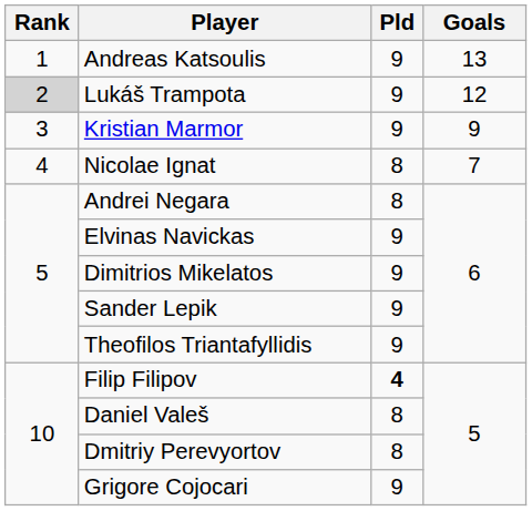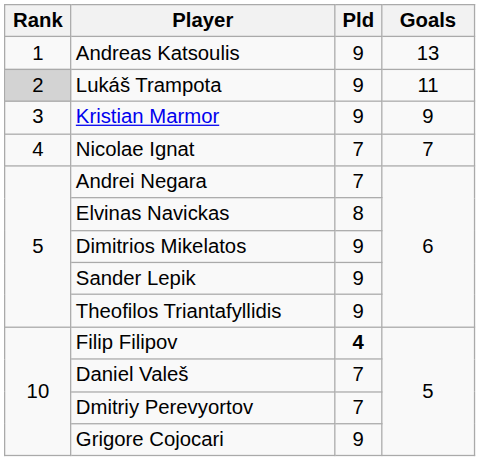 <table class="wikitable" style="text-align:center">
 <tr>
 <th width=45>Rank</th>
 <th width=200>Player</th>
 <th width=30>Pld</th>
 <th width=65>Goals</th>
 </tr>
 <tr>
 <td>1</td>
 <td style="text-align:left"> Andreas Katsoulis</td>
 <td>9</td>
 <td>13</td>
 </tr>
 <tr>
 <td style="background: lightgrey;">2</td>
 <td style="text-align:left"> Lukáš Trampota</td>
 <td>9</td>
-<td>12</td>
+<td>11</td>
 </tr>
 <tr>
 <td>3</td>
 <td style="text-align:left"> <a href='#'>Kristian Marmor</a></td>
 <td>9</td>
 <td>9</td>
 </tr>
 <tr>
 <td>4</td>
 <td style="text-align:left"> Nicolae Ignat</td>
-<td>8</td>
+<td>7</td>
 <td>7</td>
 </tr>
 <tr>
 <td rowspan=5>5</td>
 <td style="text-align:left"> Andrei Negara</td>
-<td>8</td>
+<td>7</td>
 <td rowspan=5>6</td>
 </tr>
 <tr>
 <td style="text-align:left"> Elvinas Navickas</td>
-<td>9</td>
+<td>8</td>
 </tr>
 <tr>
 <td style="text-align:left"> Dimitrios Mikelatos</td>
 <td>9</td>
 </tr>
 <tr>
 <td style="text-align:left"> Sander Lepik</td>
 <td>9</td>
 </tr>
 <tr>
 <td style="text-align:left"> Theofilos Triantafyllidis</td>
 <td>9</td>
 </tr>
 <tr>
 <td rowspan=4>10</td>
 <td style="text-align:left"> Filip Filipov</td>
 <td><strong>4</strong></td>
 <td rowspan=4>5</td>
 </tr>
 <tr>
 <td style="text-align:left"> Daniel Valeš</td>
-<td>8</td>
+<td>7</td>
 </tr>
 <tr>
 <td style="text-align:left"> Dmitriy Perevyortov</td>
-<td>8</td>
+<td>7</td>
 </tr>
 <tr>
 <td style="text-align:left"> Grigore Cojocari</td>
 <td>9</td>
 </tr>
 </table>
